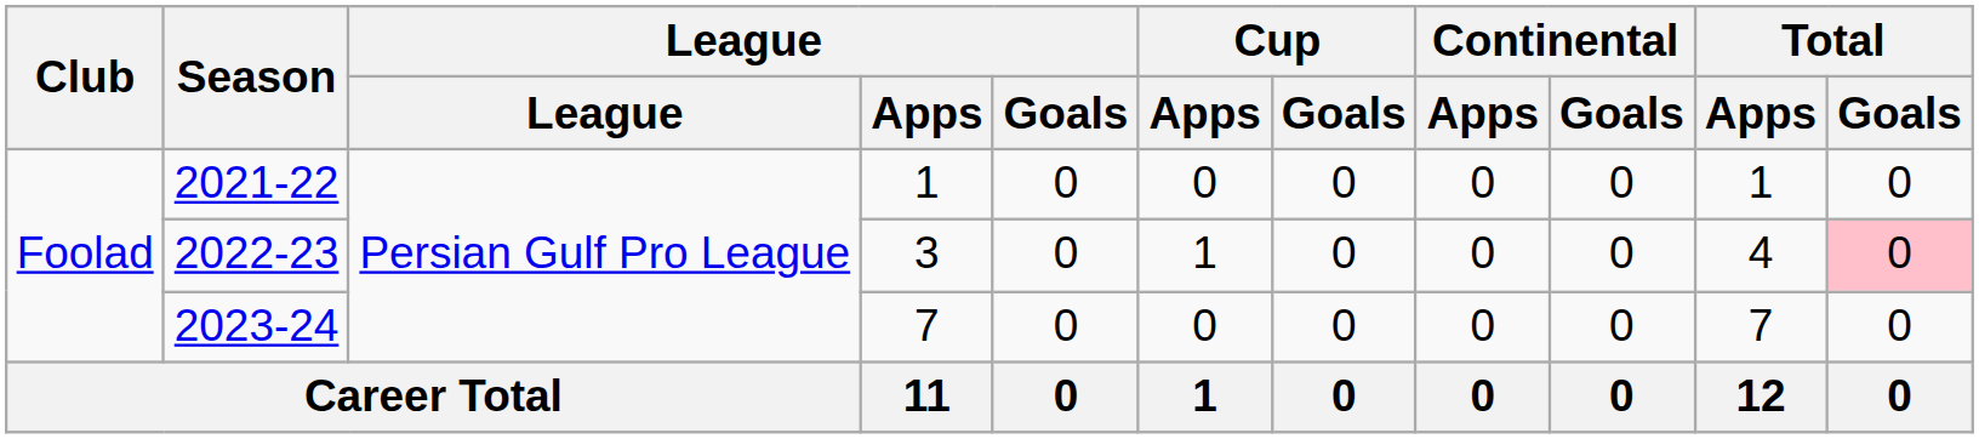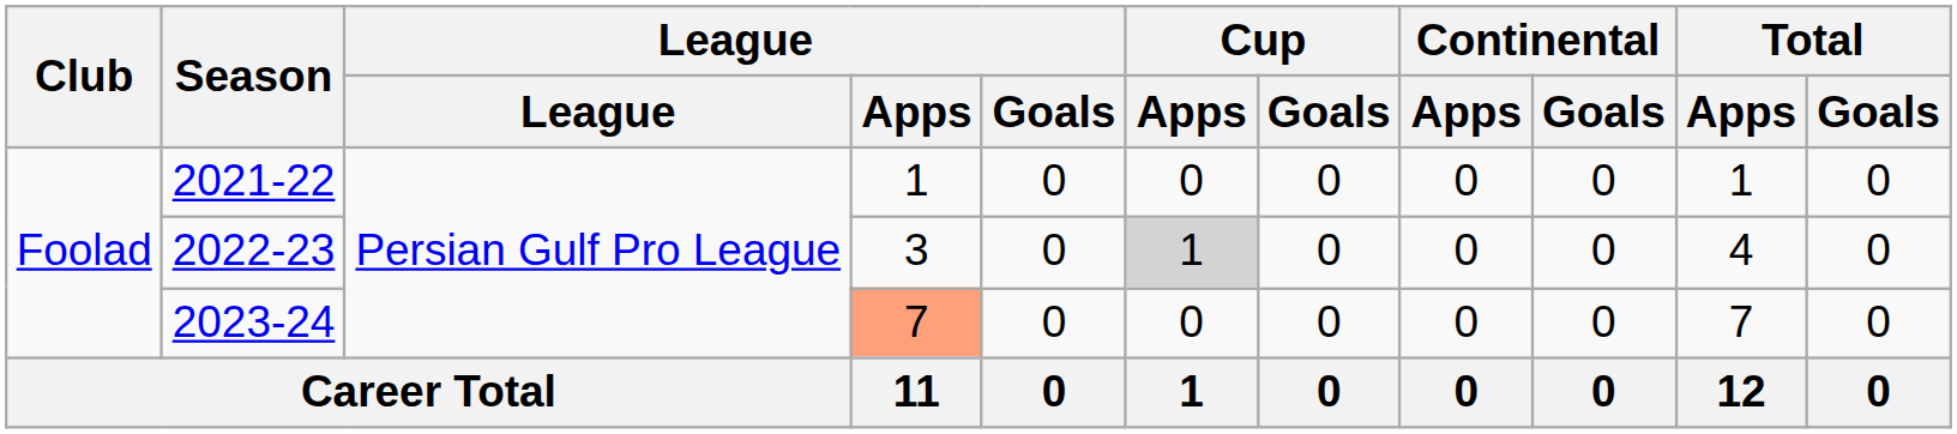 <table class="wikitable"style="text-align:center;">
 <tr>
 <th rowspan=2>Club</th>
 <th rowspan=2>Season</th>
 <th colspan=3>League</th>
 <th colspan=2>Cup</th>
 <th colspan=2>Continental</th>
 <th colspan=2>Total</th>
 </tr>
 <tr>
 <th>League</th>
 <th>Apps</th>
 <th>Goals</th>
 <th>Apps</th>
 <th>Goals</th>
 <th>Apps</th>
 <th>Goals</th>
 <th>Apps</th>
 <th>Goals</th>
 </tr>
 <tr>
 <td rowspan="3"><a href='#'>Foolad</a></td>
 <td><a href='#'>2021-22</a></td>
 <td rowspan="3"><a href='#'>Persian Gulf Pro League</a></td>
 <td>1</td>
 <td>0</td>
 <td>0</td>
 <td>0</td>
 <td>0</td>
 <td>0</td>
 <td>1</td>
 <td>0</td>
 </tr>
 <tr>
 <td><a href='#'>2022-23</a></td>
 <td>3</td>
 <td>0</td>
-<td>1</td>
+<td style="background: lightgrey;">1</td>
 <td>0</td>
 <td>0</td>
 <td>0</td>
 <td>4</td>
-<td style="background: pink;">0</td>
+<td>0</td>
 </tr>
 <tr>
 <td><a href='#'>2023-24</a></td>
-<td>7</td>
+<td style="background: lightsalmon;">7</td>
 <td>0</td>
 <td>0</td>
 <td>0</td>
 <td>0</td>
 <td>0</td>
 <td>7</td>
 <td>0</td>
 </tr>
 <tr>
 <th colspan=3>Career Total</th>
 <th>11</th>
 <th>0</th>
 <th>1</th>
 <th>0</th>
 <th>0</th>
 <th>0</th>
 <th>12</th>
 <th>0</th>
 </tr>
 </table>
